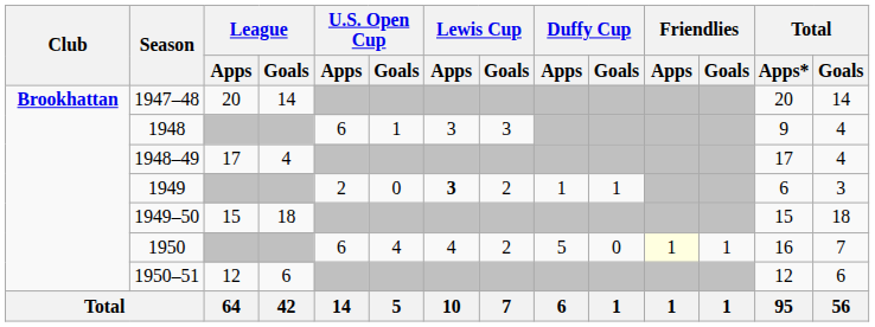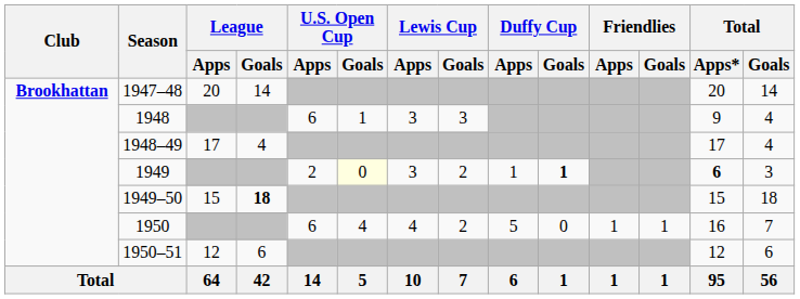 <table class="wikitable" style="text-align:center;">
 <tr>
 <th rowspan="2" style="width:100px;">Club</th>
 <th rowspan="2">Season</th>
 <th colspan="2"><a href='#'>League</a></th>
 <th colspan="2"><a href='#'>U.S. Open Cup</a></th>
 <th colspan="2"><a href='#'>Lewis Cup</a></th>
 <th colspan="2"><a href='#'>Duffy Cup</a></th>
 <th colspan="2">Friendlies</th>
 <th colspan="2">Total</th>
 </tr>
 <tr>
 <th width="40">Apps</th>
 <th width="40">Goals</th>
 <th width="40">Apps</th>
 <th width="40">Goals</th>
 <th width="40">Apps</th>
 <th width="40">Goals</th>
 <th width="40">Apps</th>
 <th width="40">Goals</th>
 <th width="40">Apps</th>
 <th width="40">Goals</th>
 <th width="40">Apps*</th>
 <th width="40">Goals</th>
 </tr>
 <tr>
 <td rowspan="7" style="vertical-align:top;"><strong><a href='#'>Brookhattan</a></strong></td>
 <td>1947–48</td>
 <td>20</td>
 <td>14</td>
 <td style="background:silver"></td>
 <td style="background:silver"></td>
 <td style="background:silver"></td>
 <td style="background:silver"></td>
 <td style="background:silver"></td>
 <td style="background:silver"></td>
 <td style="background:silver"></td>
 <td style="background:silver"></td>
 <td>20</td>
 <td>14</td>
 </tr>
 <tr>
 <td>1948</td>
 <td style="background:silver"></td>
 <td style="background:silver"></td>
 <td>6</td>
 <td>1</td>
 <td>3</td>
 <td>3</td>
 <td style="background:silver"></td>
 <td style="background:silver"></td>
 <td style="background:silver"></td>
 <td style="background:silver"></td>
 <td>9</td>
 <td>4</td>
 </tr>
 <tr>
 <td>1948–49</td>
 <td>17</td>
 <td>4</td>
 <td style="background:silver"></td>
 <td style="background:silver"></td>
 <td style="background:silver"></td>
 <td style="background:silver"></td>
 <td style="background:silver"></td>
 <td style="background:silver"></td>
 <td style="background:silver"></td>
 <td style="background:silver"></td>
 <td>17</td>
 <td>4</td>
 </tr>
 <tr>
 <td>1949</td>
 <td style="background:silver"></td>
 <td style="background:silver"></td>
 <td>2</td>
-<td>0</td>
-<td><strong>3</strong></td>
+<td style="background: lightyellow;">0</td>
+<td>3</td>
 <td>2</td>
 <td>1</td>
-<td>1</td>
+<td><strong>1</strong></td>
 <td style="background:silver"></td>
 <td style="background:silver"></td>
-<td>6</td>
+<td><strong>6</strong></td>
 <td>3</td>
 </tr>
 <tr>
 <td>1949–50</td>
 <td>15</td>
-<td>18</td>
+<td><strong>18</strong></td>
 <td style="background:silver"></td>
 <td style="background:silver"></td>
 <td style="background:silver"></td>
 <td style="background:silver"></td>
 <td style="background:silver"></td>
 <td style="background:silver"></td>
 <td style="background:silver"></td>
 <td style="background:silver"></td>
 <td>15</td>
 <td>18</td>
 </tr>
 <tr>
 <td>1950</td>
 <td style="background:silver"></td>
 <td style="background:silver"></td>
 <td>6</td>
 <td>4</td>
 <td>4</td>
 <td>2</td>
 <td>5</td>
 <td>0</td>
-<td style="background: lightyellow;">1</td>
+<td>1</td>
 <td>1</td>
 <td>16</td>
 <td>7</td>
 </tr>
 <tr>
 <td>1950–51</td>
 <td>12</td>
 <td>6</td>
 <td style="background:silver"></td>
 <td style="background:silver"></td>
 <td style="background:silver"></td>
 <td style="background:silver"></td>
 <td style="background:silver"></td>
 <td style="background:silver"></td>
 <td style="background:silver"></td>
 <td style="background:silver"></td>
 <td>12</td>
 <td>6</td>
 </tr>
 <tr>
 <th colspan="2">Total</th>
 <th>64</th>
 <th>42</th>
 <th>14</th>
 <th>5</th>
 <th>10</th>
 <th>7</th>
 <th>6</th>
 <th>1</th>
 <th>1</th>
 <th>1</th>
 <th>95</th>
 <th>56</th>
 </tr>
 </table>
